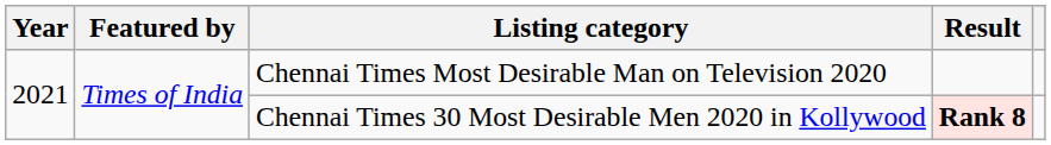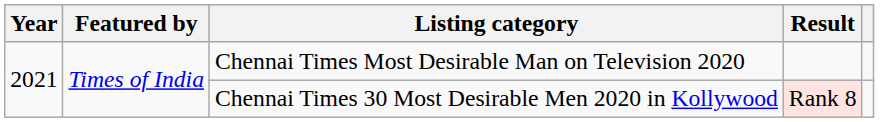 <table class="wikitable sortable">
 <tr style="background:#ccc;text-align:center;">
 <th>Year</th>
 <th>Featured by</th>
 <th>Listing category</th>
 <th>Result</th>
 <th scope="col" class="unsortable"></th>
 </tr>
 <tr>
 <td rowspan="2">2021</td>
 <td rowspan="2"><em><a href='#'>Times of India</a></em></td>
 <td>Chennai Times Most Desirable Man on Television 2020</td>
 <td></td>
 <td></td>
 </tr>
 <tr>
 <td>Chennai Times 30 Most Desirable Men 2020 in <a href='#'>Kollywood</a></td>
-<td style="background:#FFE4E1;text-align:center;"><strong>Rank 8</strong></td>
+<td style="background:#FFE4E1;text-align:center;">Rank 8</td>
 <td></td>
 </tr>
 </table>
